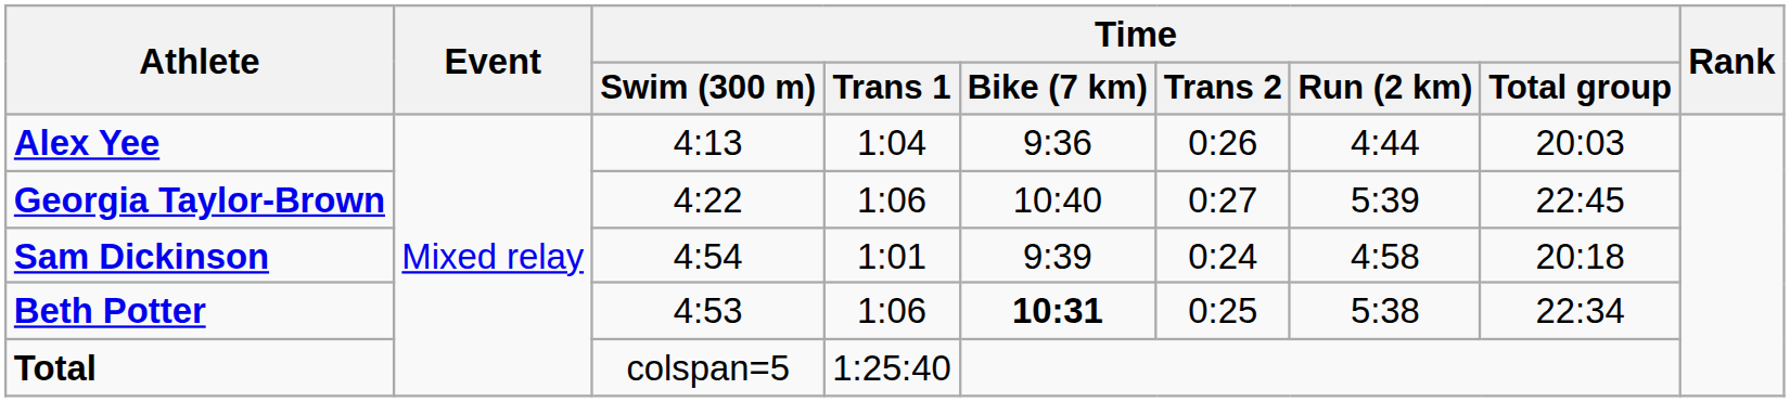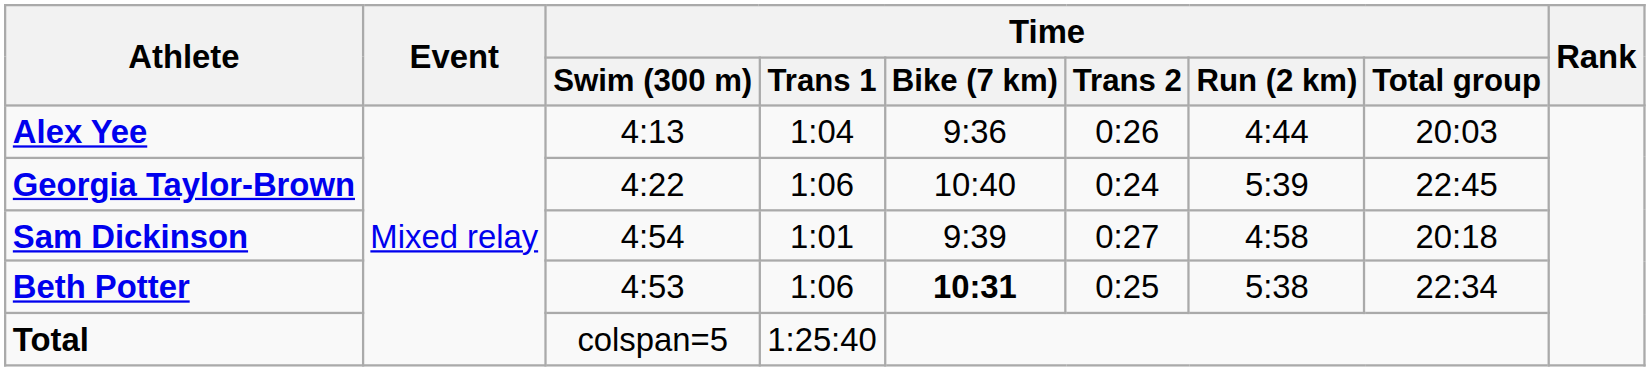 <table class="wikitable" style="font-size:90%;text-align:center;">
 <tr>
 <th rowspan=2>Athlete</th>
 <th rowspan=2>Event</th>
 <th colspan=6>Time</th>
 <th rowspan=2>Rank</th>
 </tr>
 <tr style="font-size:95%">
 <th>Swim (300 m)</th>
 <th>Trans 1</th>
 <th>Bike (7 km)</th>
 <th>Trans 2</th>
 <th>Run (2 km)</th>
 <th>Total group</th>
 </tr>
 <tr>
 <td align="left"><strong><a href='#'>Alex Yee</a></strong></td>
 <td rowspan="5"><a href='#'>Mixed relay</a></td>
 <td>4:13</td>
 <td>1:04</td>
 <td>9:36</td>
 <td>0:26</td>
 <td>4:44</td>
 <td>20:03</td>
 <td rowspan="5"></td>
 </tr>
 <tr>
 <td align=left><strong><a href='#'>Georgia Taylor-Brown</a></strong></td>
 <td>4:22</td>
 <td>1:06</td>
 <td>10:40</td>
-<td>0:27</td>
+<td>0:24</td>
 <td>5:39</td>
 <td>22:45</td>
 </tr>
 <tr>
 <td align="left"><strong><a href='#'>Sam Dickinson</a></strong></td>
 <td>4:54</td>
 <td>1:01</td>
 <td>9:39</td>
-<td>0:24</td>
+<td>0:27</td>
 <td>4:58</td>
 <td>20:18</td>
 </tr>
 <tr>
 <td align=left><strong><a href='#'>Beth Potter</a></strong></td>
 <td>4:53</td>
 <td>1:06</td>
 <td><strong>10:31</strong></td>
 <td>0:25</td>
 <td>5:38</td>
 <td>22:34</td>
 </tr>
 <tr align=center>
 <td align=left><strong>Total</strong></td>
 <td>colspan=5 </td>
 <td>1:25:40</td>
 </tr>
 </table>
